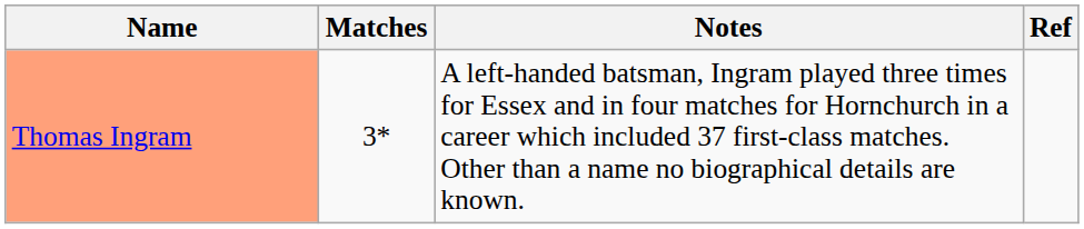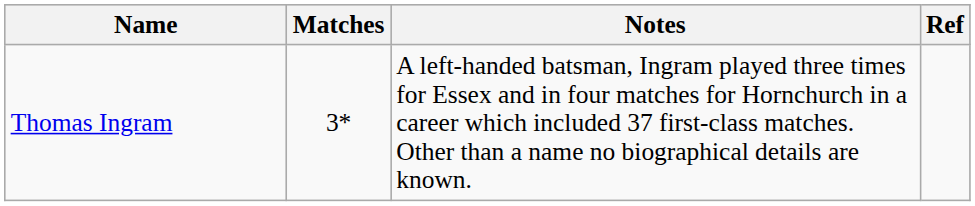 <table class="wikitable">
 <tr>
 <th style="width:170px">Name</th>
 <th>Matches</th>
 <th>Notes</th>
 <th>Ref</th>
 </tr>
 <tr>
-<td style="background: lightsalmon;"><a href='#'>Thomas Ingram</a></td>
+<td><a href='#'>Thomas Ingram</a></td>
 <td align=center>3*</td>
 <td>A left-handed batsman, Ingram played three times for Essex and in four matches for Hornchurch in a career which included 37 first-class matches. Other than a name no biographical details are known.</td>
 <td></td>
 </tr>
 </table>
